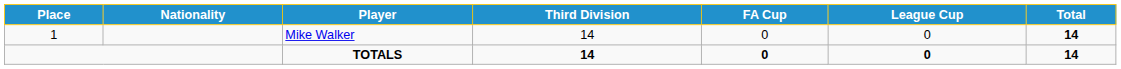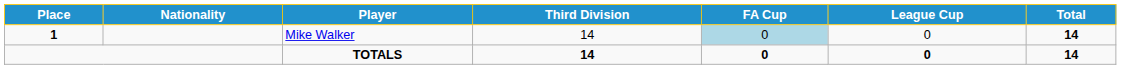 <table class="wikitable" style="text-align:center; font-size:90%; width:100%;">
 <tr>
 <th style="background:#2191CC; color:white; border:1px solid #F7C408; text-align:center;">Place</th>
 <th style="background:#2191CC; color:white; border:1px solid #F7C408; text-align:center;">Nationality</th>
 <th style="background:#2191CC; color:white; border:1px solid #F7C408; text-align:center;">Player</th>
 <th style="background:#2191CC; color:white; border:1px solid #F7C408; text-align:center;">Third Division</th>
 <th style="background:#2191CC; color:white; border:1px solid #F7C408; text-align:center;">FA Cup</th>
 <th style="background:#2191CC; color:white; border:1px solid #F7C408; text-align:center;">League Cup</th>
 <th style="background:#2191CC; color:white; border:1px solid #F7C408; text-align:center;">Total</th>
 </tr>
 <tr>
-<td>1</td>
+<td><strong>1</strong></td>
 <td></td>
 <td align="left"><a href='#'>Mike Walker</a></td>
 <td>14</td>
-<td>0</td>
+<td style="background: lightblue;">0</td>
 <td>0</td>
 <td><strong>14</strong></td>
 </tr>
 <tr>
 <td colspan="2"></td>
 <td><strong>TOTALS</strong></td>
 <td><strong>14</strong></td>
 <td><strong>0</strong></td>
 <td><strong>0</strong></td>
 <td><strong>14</strong></td>
 </tr>
 </table>
